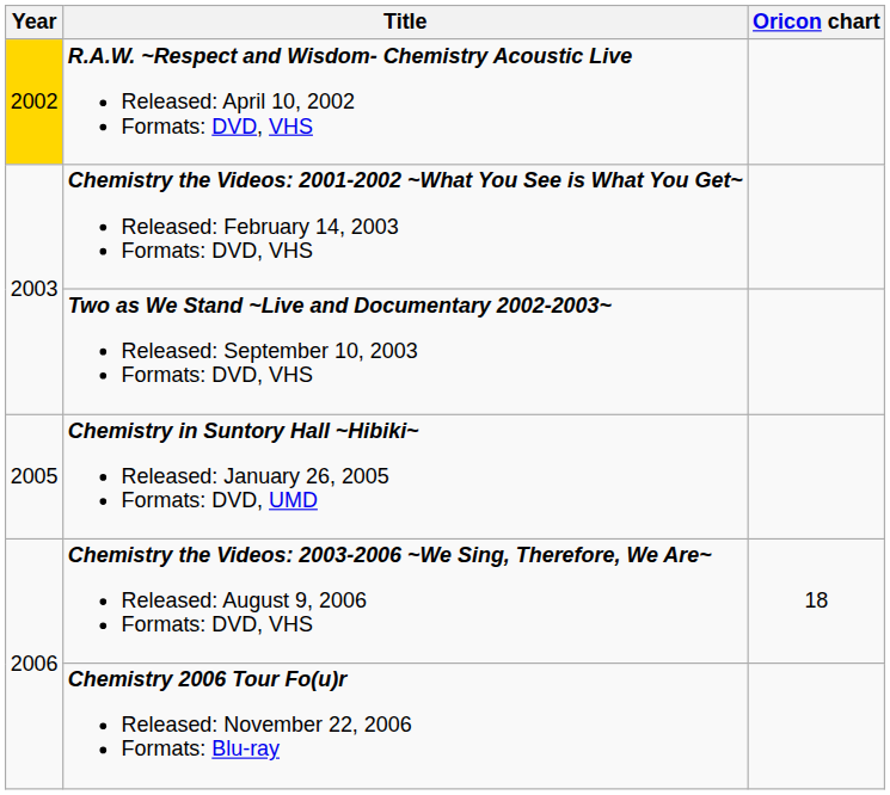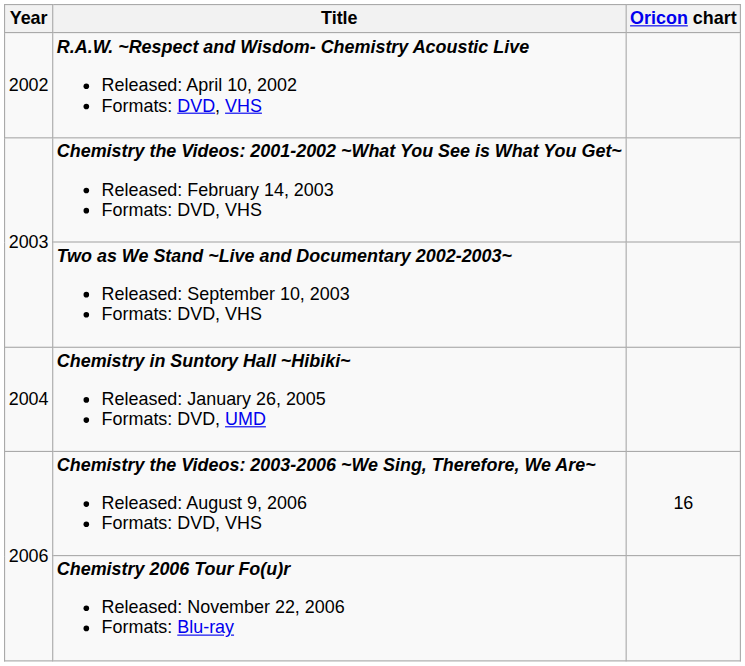 <table class="wikitable">
 <tr>
 <th>Year</th>
 <th>Title</th>
 <th><a href='#'>Oricon</a> chart</th>
 </tr>
 <tr>
-<td style="background: gold;">2002</td>
+<td>2002</td>
 <td><strong><em>R.A.W. ~Respect and Wisdom- Chemistry Acoustic Live</em></strong><br><ul><li>Released: April 10, 2002</li><li>Formats: <a href='#'>DVD</a>, <a href='#'>VHS</a></li></ul></td>
 <td align="center"></td>
 </tr>
 <tr>
 <td rowspan="2">2003</td>
 <td><strong><em>Chemistry the Videos: 2001-2002 ~What You See is What You Get~</em></strong><br><ul><li>Released: February 14, 2003</li><li>Formats: DVD, VHS</li></ul></td>
 <td align="center"></td>
 </tr>
 <tr>
 <td><strong><em>Two as We Stand ~Live and Documentary 2002-2003~</em></strong><br><ul><li>Released: September 10, 2003</li><li>Formats: DVD, VHS</li></ul></td>
 <td align="center"></td>
 </tr>
 <tr>
-<td>2005</td>
+<td>2004</td>
 <td><strong><em>Chemistry in Suntory Hall ~Hibiki~</em></strong><br><ul><li>Released: January 26, 2005</li><li>Formats: DVD, <a href='#'>UMD</a></li></ul></td>
 <td align="center"></td>
 </tr>
 <tr>
 <td rowspan="2">2006</td>
 <td><strong><em>Chemistry the Videos: 2003-2006 ~We Sing, Therefore, We Are~</em></strong><br><ul><li>Released: August 9, 2006</li><li>Formats: DVD, VHS</li></ul></td>
-<td align="center">18</td>
+<td align="center">16</td>
 </tr>
 <tr>
 <td><strong><em>Chemistry 2006 Tour Fo(u)r</em></strong><br><ul><li>Released: November 22, 2006</li><li>Formats: <a href='#'>Blu-ray</a></li></ul></td>
 <td align="center"></td>
 </tr>
 </table>
